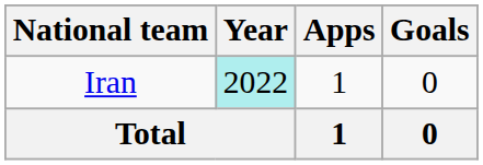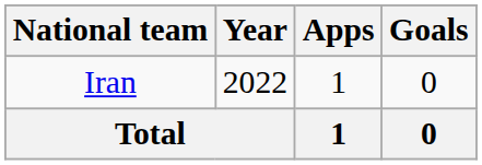 <table class="wikitable" style="text-align:center">
 <tr>
 <th>National team</th>
 <th>Year</th>
 <th>Apps</th>
 <th>Goals</th>
 </tr>
 <tr>
 <td><a href='#'>Iran</a></td>
-<td style="background: paleturquoise;">2022</td>
+<td>2022</td>
 <td>1</td>
 <td>0</td>
 </tr>
 <tr>
 <th colspan="2">Total</th>
 <th>1</th>
 <th>0</th>
 </tr>
 </table>
